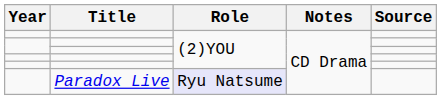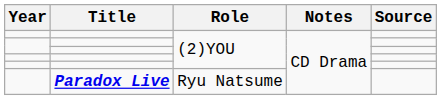 <table class="wikitable sortable plainrowheaders">
 <tr>
 <th>Year</th>
 <th>Title</th>
 <th>Role</th>
 <th class="unsortable">Notes</th>
 <th class="unsortable">Source</th>
 </tr>
 <tr>
 <td></td>
 <td><em></em></td>
 <td rowspan="5">(2)YOU</td>
 <td rowspan="6">CD Drama</td>
 <td></td>
 </tr>
 <tr>
 <td rowspan="2"></td>
 <td><em></em></td>
 <td></td>
 </tr>
 <tr>
 <td><em></em></td>
 <td></td>
 </tr>
 <tr>
 <td></td>
 <td><em></em></td>
 <td></td>
 </tr>
 <tr>
 <td></td>
 <td><em></em></td>
 <td></td>
 </tr>
 <tr>
 <td></td>
-<td><i><a href='#'>Paradox Live</a></td>
-<td style="background: lavender;">Ryu Natsume</td>
+<td><strong><i><a href='#'>Paradox Live</a></strong></td>
+<td>Ryu Natsume</td>
 <td></td>
 </tr>
 </table>
